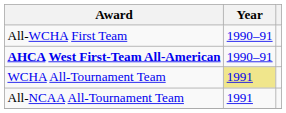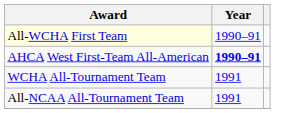 <table class="wikitable">
 <tr>
 <th>Award</th>
 <th>Year</th>
 <th></th>
 </tr>
 <tr>
-<td>All-<a href='#'>WCHA</a> <a href='#'>First Team</a></td>
+<td style="background: lightyellow;">All-<a href='#'>WCHA</a> <a href='#'>First Team</a></td>
 <td><a href='#'>1990–91</a></td>
 <td></td>
 </tr>
 <tr>
-<td><strong><a href='#'>AHCA</a> <a href='#'>West First-Team All-American</a></strong></td>
-<td><a href='#'>1990–91</a></td>
+<td><a href='#'>AHCA</a> <a href='#'>West First-Team All-American</a></td>
+<td><strong><a href='#'>1990–91</a></strong></td>
 <td></td>
 </tr>
 <tr>
 <td><a href='#'>WCHA</a> <a href='#'>All-Tournament Team</a></td>
-<td style="background: khaki;"><a href='#'>1991</a></td>
+<td><a href='#'>1991</a></td>
 <td></td>
 </tr>
 <tr>
 <td>All-<a href='#'>NCAA</a> <a href='#'>All-Tournament Team</a></td>
 <td><a href='#'>1991</a></td>
 <td></td>
 </tr>
 <tr>
 </tr>
 </table>
